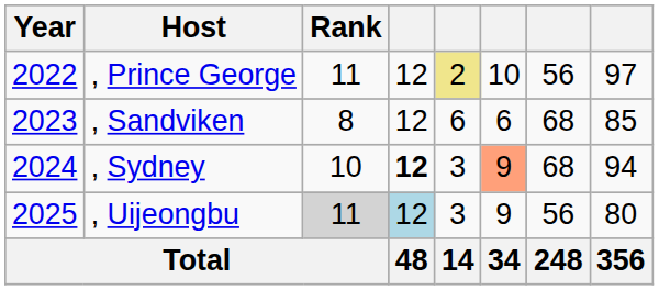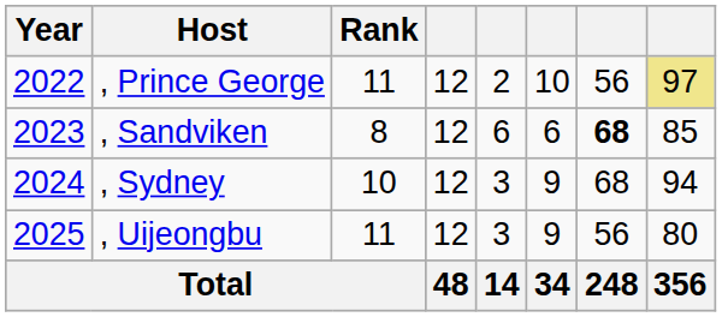 <table class=wikitable>
 <tr>
 <th>Year</th>
 <th>Host</th>
 <th>Rank</th>
 <th></th>
 <th></th>
 <th></th>
 <th></th>
 <th></th>
 </tr>
 <tr align=center>
 <td><a href='#'>2022</a></td>
 <td align=left>, <a href='#'>Prince George</a></td>
 <td>11</td>
 <td>12</td>
-<td style="background: khaki;">2</td>
+<td>2</td>
 <td>10</td>
 <td>56</td>
-<td>97</td>
+<td style="background: khaki;">97</td>
 </tr>
 <tr align=center>
 <td><a href='#'>2023</a></td>
 <td align=left>, <a href='#'>Sandviken</a></td>
 <td>8</td>
 <td>12</td>
 <td>6</td>
 <td>6</td>
-<td>68</td>
+<td><strong>68</strong></td>
 <td>85</td>
 </tr>
 <tr align=center>
 <td><a href='#'>2024</a></td>
 <td align=left>, <a href='#'>Sydney</a></td>
 <td>10</td>
-<td><strong>12</strong></td>
+<td>12</td>
 <td>3</td>
-<td style="background: lightsalmon;">9</td>
+<td>9</td>
 <td>68</td>
 <td>94</td>
 </tr>
 <tr align=center>
 <td><a href='#'>2025</a></td>
 <td align=left>, <a href='#'>Uijeongbu</a></td>
-<td style="background: lightgrey;">11</td>
-<td style="background: lightblue;">12</td>
+<td>11</td>
+<td>12</td>
 <td>3</td>
 <td>9</td>
 <td>56</td>
 <td>80</td>
 </tr>
 <tr align=center>
 <th colspan=3>Total</th>
 <th>48</th>
 <th>14</th>
 <th>34</th>
 <th>248</th>
 <th>356</th>
 </tr>
 </table>
